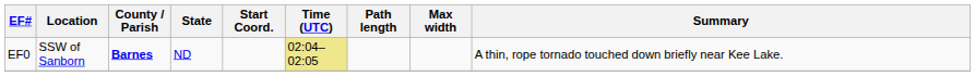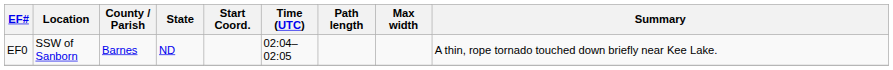 <table class="wikitable sortable" style="width:100%;">
 <tr>
 <th scope="col"  style="width:3%; text-align:center;"><a href='#'>EF#</a></th>
 <th scope="col"  style="width:7%; text-align:center;" class="unsortable">Location</th>
 <th scope="col"  style="width:6%; text-align:center;" class="unsortable">County / Parish</th>
 <th scope="col"  style="width:5%; text-align:center;">State</th>
 <th scope="col"  style="width:6%; text-align:center;">Start Coord.</th>
 <th scope="col"  style="width:6%; text-align:center;">Time (<a href='#'>UTC</a>)</th>
 <th scope="col"  style="width:6%; text-align:center;">Path length</th>
 <th scope="col"  style="width:6%; text-align:center;">Max width</th>
 <th scope="col" class="unsortable" style="width:48%; text-align:center;">Summary</th>
 </tr>
 <tr>
 <td>EF0</td>
 <td>SSW of <a href='#'>Sanborn</a></td>
-<td><strong><a href='#'>Barnes</a></strong></td>
+<td><a href='#'>Barnes</a></td>
 <td><a href='#'>ND</a></td>
 <td></td>
-<td style="background: khaki;">02:04–02:05</td>
+<td>02:04–02:05</td>
 <td></td>
 <td></td>
 <td>A thin, rope tornado touched down briefly near Kee Lake.</td>
 </tr>
 <tr>
 </tr>
 </table>
